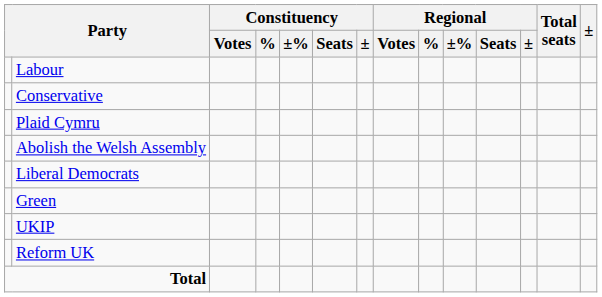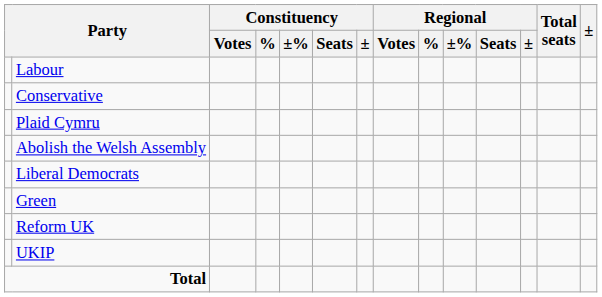 <table class="wikitable">
 <tr>
 <th colspan="2" rowspan="2">Party</th>
 <th colspan="5">Constituency</th>
 <th colspan="5">Regional</th>
 <th rowspan="2">Total<br>seats</th>
 <th rowspan="2">±</th>
 </tr>
 <tr>
 <th>Votes</th>
 <th>%</th>
 <th>±%</th>
 <th>Seats</th>
 <th>±</th>
 <th>Votes</th>
 <th>%</th>
 <th>±%</th>
 <th>Seats</th>
 <th>±</th>
 </tr>
 <tr>
 <td style="color:inherit;background:"></td>
 <td><a href='#'>Labour</a></td>
 <td></td>
 <td></td>
 <td></td>
 <td></td>
 <td></td>
 <td></td>
 <td></td>
 <td></td>
 <td></td>
 <td></td>
 <td></td>
 <td></td>
 </tr>
 <tr>
 <td style="color:inherit;background:"></td>
 <td><a href='#'>Conservative</a></td>
 <td></td>
 <td></td>
 <td></td>
 <td></td>
 <td></td>
 <td></td>
 <td></td>
 <td></td>
 <td></td>
 <td></td>
 <td></td>
 <td></td>
 </tr>
 <tr>
 <td style="color:inherit;background:"></td>
 <td><a href='#'>Plaid Cymru</a></td>
 <td></td>
 <td></td>
 <td></td>
 <td></td>
 <td></td>
 <td></td>
 <td></td>
 <td></td>
 <td></td>
 <td></td>
 <td></td>
 <td></td>
 </tr>
 <tr>
 <td style="color:inherit;background:"></td>
 <td><a href='#'>Abolish the Welsh Assembly</a></td>
 <td></td>
 <td></td>
 <td></td>
 <td></td>
 <td></td>
 <td></td>
 <td></td>
 <td></td>
 <td></td>
 <td></td>
 <td></td>
 <td></td>
 </tr>
 <tr>
 <td style="color:inherit;background:"></td>
 <td><a href='#'>Liberal Democrats</a></td>
 <td></td>
 <td></td>
 <td></td>
 <td></td>
 <td></td>
 <td></td>
 <td></td>
 <td></td>
 <td></td>
 <td></td>
 <td></td>
 <td></td>
 </tr>
 <tr>
 <td style="color:inherit;background:"></td>
 <td><a href='#'>Green</a></td>
 <td></td>
 <td></td>
 <td></td>
 <td></td>
 <td></td>
 <td></td>
 <td></td>
 <td></td>
 <td></td>
 <td></td>
 <td></td>
 <td></td>
 </tr>
 <tr>
 <td style="color:inherit;background:"></td>
-<td><a href='#'>UKIP</a></td>
+<td><a href='#'>Reform UK</a></td>
 <td></td>
 <td></td>
 <td></td>
 <td></td>
 <td></td>
 <td></td>
 <td></td>
 <td></td>
 <td></td>
 <td></td>
 <td></td>
 <td></td>
 </tr>
 <tr>
 <td style="color:inherit;background:"></td>
-<td><a href='#'>Reform UK</a></td>
+<td><a href='#'>UKIP</a></td>
 <td></td>
 <td></td>
 <td></td>
 <td></td>
 <td></td>
 <td></td>
 <td></td>
 <td></td>
 <td></td>
 <td></td>
 <td></td>
 <td></td>
 </tr>
 <tr>
 <td colspan=2 align="right"><strong>Total</strong></td>
 <td></td>
 <td></td>
 <td></td>
 <td></td>
 <td></td>
 <td></td>
 <td></td>
 <td></td>
 <td></td>
 <td></td>
 <td></td>
 <td></td>
 </tr>
 </table>
